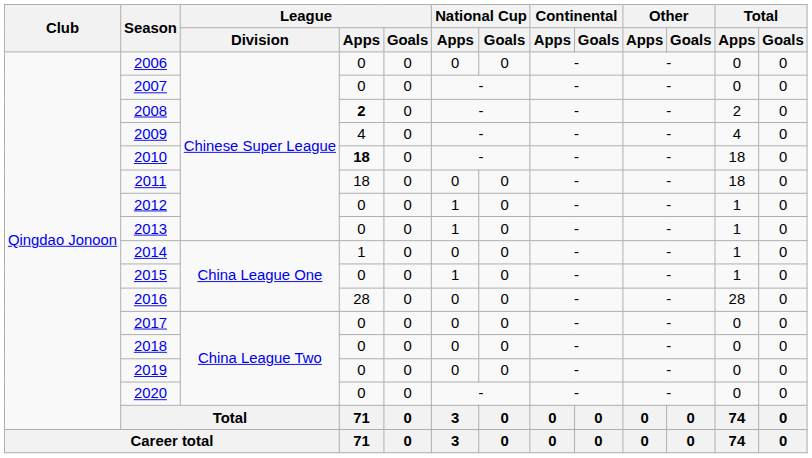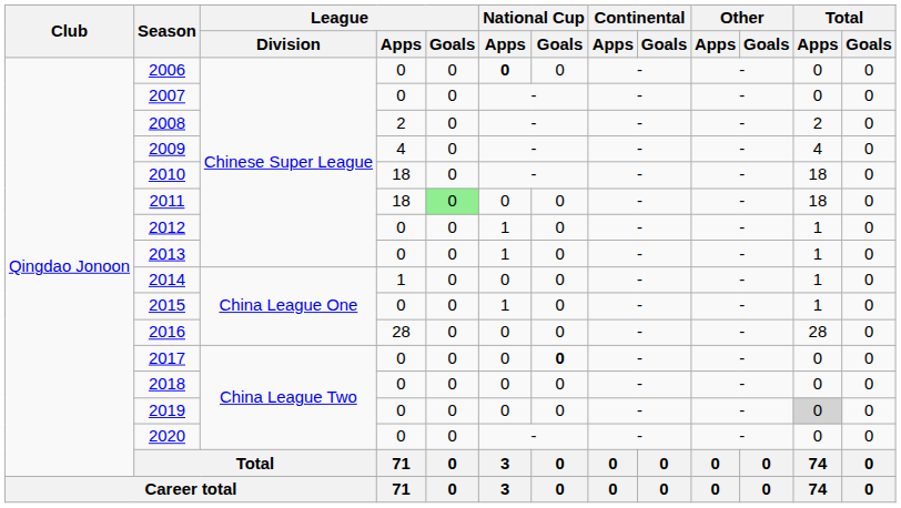 <table class="wikitable" style="text-align: center">
 <tr>
 <th rowspan="2">Club</th>
 <th rowspan="2">Season</th>
 <th colspan="3">League</th>
 <th colspan="2">National Cup</th>
 <th colspan="2">Continental</th>
 <th colspan="2">Other</th>
 <th colspan="2">Total</th>
 </tr>
 <tr>
 <th>Division</th>
 <th>Apps</th>
 <th>Goals</th>
 <th>Apps</th>
 <th>Goals</th>
 <th>Apps</th>
 <th>Goals</th>
 <th>Apps</th>
 <th>Goals</th>
 <th>Apps</th>
 <th>Goals</th>
 </tr>
 <tr>
 <td rowspan=16><a href='#'>Qingdao Jonoon</a></td>
 <td><a href='#'>2006</a></td>
 <td rowspan=8><a href='#'>Chinese Super League</a></td>
 <td>0</td>
 <td>0</td>
-<td>0</td>
+<td><strong>0</strong></td>
 <td>0</td>
 <td colspan="2">-</td>
 <td colspan="2">-</td>
 <td>0</td>
 <td>0</td>
 </tr>
 <tr>
 <td><a href='#'>2007</a></td>
 <td>0</td>
 <td>0</td>
 <td colspan="2">-</td>
 <td colspan="2">-</td>
 <td colspan="2">-</td>
 <td>0</td>
 <td>0</td>
 </tr>
 <tr>
 <td><a href='#'>2008</a></td>
-<td><strong>2</strong></td>
+<td>2</td>
 <td>0</td>
 <td colspan="2">-</td>
 <td colspan="2">-</td>
 <td colspan="2">-</td>
 <td>2</td>
 <td>0</td>
 </tr>
 <tr>
 <td><a href='#'>2009</a></td>
 <td>4</td>
 <td>0</td>
 <td colspan="2">-</td>
 <td colspan="2">-</td>
 <td colspan="2">-</td>
 <td>4</td>
 <td>0</td>
 </tr>
 <tr>
 <td><a href='#'>2010</a></td>
-<td><strong>18</strong></td>
+<td>18</td>
 <td>0</td>
 <td colspan="2">-</td>
 <td colspan="2">-</td>
 <td colspan="2">-</td>
 <td>18</td>
 <td>0</td>
 </tr>
 <tr>
 <td><a href='#'>2011</a></td>
 <td>18</td>
-<td>0</td>
+<td style="background: lightgreen;">0</td>
 <td>0</td>
 <td>0</td>
 <td colspan="2">-</td>
 <td colspan="2">-</td>
 <td>18</td>
 <td>0</td>
 </tr>
 <tr>
 <td><a href='#'>2012</a></td>
 <td>0</td>
 <td>0</td>
 <td>1</td>
 <td>0</td>
 <td colspan="2">-</td>
 <td colspan="2">-</td>
 <td>1</td>
 <td>0</td>
 </tr>
 <tr>
 <td><a href='#'>2013</a></td>
 <td>0</td>
 <td>0</td>
 <td>1</td>
 <td>0</td>
 <td colspan="2">-</td>
 <td colspan="2">-</td>
 <td>1</td>
 <td>0</td>
 </tr>
 <tr>
 <td><a href='#'>2014</a></td>
 <td rowspan=3><a href='#'>China League One</a></td>
 <td>1</td>
 <td>0</td>
 <td>0</td>
 <td>0</td>
 <td colspan="2">-</td>
 <td colspan="2">-</td>
 <td>1</td>
 <td>0</td>
 </tr>
 <tr>
 <td><a href='#'>2015</a></td>
 <td>0</td>
 <td>0</td>
 <td>1</td>
 <td>0</td>
 <td colspan="2">-</td>
 <td colspan="2">-</td>
 <td>1</td>
 <td>0</td>
 </tr>
 <tr>
 <td><a href='#'>2016</a></td>
 <td>28</td>
 <td>0</td>
 <td>0</td>
 <td>0</td>
 <td colspan="2">-</td>
 <td colspan="2">-</td>
 <td>28</td>
 <td>0</td>
 </tr>
 <tr>
 <td><a href='#'>2017</a></td>
 <td rowspan=4><a href='#'>China League Two</a></td>
 <td>0</td>
 <td>0</td>
 <td>0</td>
-<td>0</td>
+<td><strong>0</strong></td>
 <td colspan="2">-</td>
 <td colspan="2">-</td>
 <td>0</td>
 <td>0</td>
 </tr>
 <tr>
 <td><a href='#'>2018</a></td>
 <td>0</td>
 <td>0</td>
 <td>0</td>
 <td>0</td>
 <td colspan="2">-</td>
 <td colspan="2">-</td>
 <td>0</td>
 <td>0</td>
 </tr>
 <tr>
 <td><a href='#'>2019</a></td>
 <td>0</td>
 <td>0</td>
 <td>0</td>
 <td>0</td>
 <td colspan="2">-</td>
 <td colspan="2">-</td>
-<td>0</td>
+<td style="background: lightgrey;">0</td>
 <td>0</td>
 </tr>
 <tr>
 <td><a href='#'>2020</a></td>
 <td>0</td>
 <td>0</td>
 <td colspan="2">-</td>
 <td colspan="2">-</td>
 <td colspan="2">-</td>
 <td>0</td>
 <td>0</td>
 </tr>
 <tr>
 <th colspan="2">Total</th>
 <th>71</th>
 <th>0</th>
 <th>3</th>
 <th>0</th>
 <th>0</th>
 <th>0</th>
 <th>0</th>
 <th>0</th>
 <th>74</th>
 <th>0</th>
 </tr>
 <tr>
 <th colspan=3>Career total</th>
 <th>71</th>
 <th>0</th>
 <th>3</th>
 <th>0</th>
 <th>0</th>
 <th>0</th>
 <th>0</th>
 <th>0</th>
 <th>74</th>
 <th>0</th>
 </tr>
 </table>
